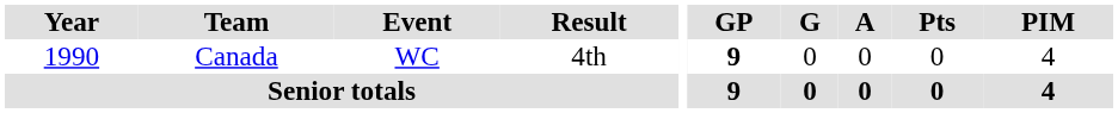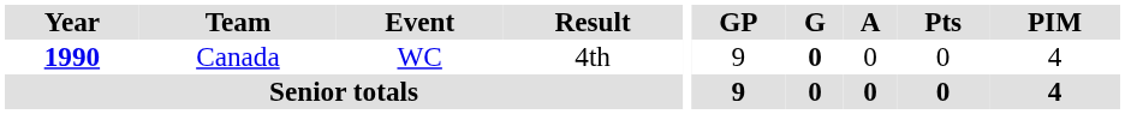 <table border="0" cellpadding="1" cellspacing="0" ID="Table3" style="text-align:center; width:40em">
 <tr ALIGN="center" bgcolor="#e0e0e0">
 <th>Year</th>
 <th>Team</th>
 <th>Event</th>
 <th>Result</th>
 <th rowspan="99" bgcolor="#ffffff"></th>
 <th>GP</th>
 <th>G</th>
 <th>A</th>
 <th>Pts</th>
 <th>PIM</th>
 </tr>
 <tr>
-<td><a href='#'>1990</a></td>
+<td><strong><a href='#'>1990</a></strong></td>
 <td><a href='#'>Canada</a></td>
 <td><a href='#'>WC</a></td>
 <td>4th</td>
-<td><strong>9</strong></td>
-<td>0</td>
+<td>9</td>
+<td><strong>0</strong></td>
 <td>0</td>
 <td>0</td>
 <td>4</td>
 </tr>
 <tr bgcolor="#e0e0e0">
 <th colspan="4">Senior totals</th>
 <th>9</th>
 <th>0</th>
 <th>0</th>
 <th>0</th>
 <th>4</th>
 </tr>
 </table>
